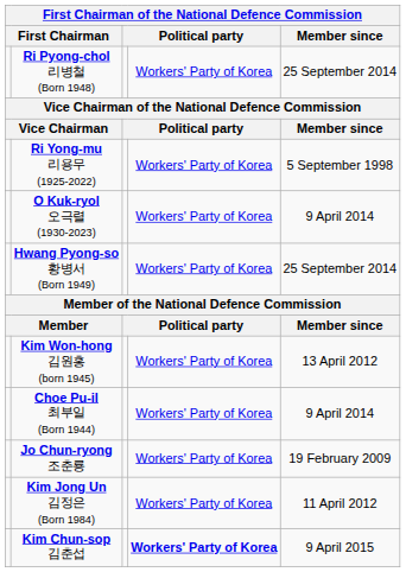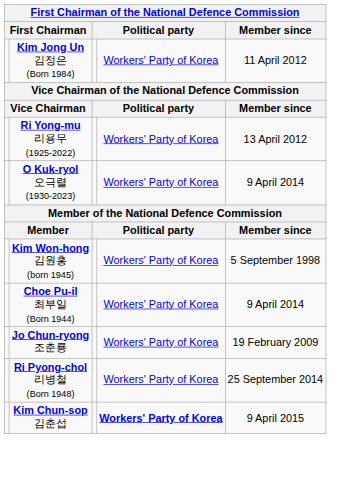 <table class="wikitable" style="text-align:center;">
 <tr>
 <th colspan="5"><a href='#'>First Chairman of the National Defence Commission</a></th>
 </tr>
 <tr>
 <th colspan="2">First Chairman</th>
 <th colspan="2">Political party</th>
 <th>Member since</th>
 </tr>
 <tr>
 <td></td>
-<td><strong><a href='#'>Ri Pyong-chol</a></strong><br>리병철<br><small>(Born 1948)</small></td>
+<td><strong><a href='#'>Kim Jong Un</a></strong><br>김정은<br><small>(Born 1984)</small></td>
 <td style="background:"></td>
 <td><a href='#'>Workers' Party of Korea</a></td>
-<td>25 September 2014</td>
+<td>11 April 2012</td>
 </tr>
 <tr>
 <th colspan="5">Vice Chairman of the National Defence Commission</th>
 </tr>
 <tr>
 <th colspan="2">Vice Chairman</th>
 <th colspan="2">Political party</th>
 <th>Member since</th>
 </tr>
 <tr>
 <td></td>
 <td><strong><a href='#'>Ri Yong-mu</a></strong><br>리용무<br><small>(1925-2022)</small></td>
 <td style="background:"></td>
 <td><a href='#'>Workers' Party of Korea</a></td>
-<td>5 September 1998</td>
+<td>13 April 2012</td>
 </tr>
 <tr>
 <td></td>
 <td><strong><a href='#'>O Kuk-ryol</a></strong><br>오극렬<br><small>(1930-2023)</small></td>
 <td style="background:"></td>
 <td><a href='#'>Workers' Party of Korea</a></td>
 <td>9 April 2014</td>
-</tr>
-<tr>
-<td></td>
-<td><strong><a href='#'>Hwang Pyong-so</a></strong><br>황병서<br><small>(Born 1949)</small></td>
-<td style="background:"></td>
-<td><a href='#'>Workers' Party of Korea</a></td>
-<td>25 September 2014</td>
 </tr>
 <tr>
 <th colspan="5">Member of the National Defence Commission</th>
 </tr>
 <tr>
 <th colspan="2">Member</th>
 <th colspan="2">Political party</th>
 <th>Member since</th>
 </tr>
 <tr>
 <td></td>
 <td><strong><a href='#'>Kim Won-hong</a></strong><br>김원홍<br><small>(born 1945)</small></td>
 <td style="background:"></td>
 <td><a href='#'>Workers' Party of Korea</a></td>
-<td>13 April 2012</td>
+<td>5 September 1998</td>
 </tr>
 <tr>
 <td></td>
 <td><strong><a href='#'>Choe Pu-il</a></strong><br>최부일<br><small>(Born 1944)</small></td>
 <td style="background:"></td>
 <td><a href='#'>Workers' Party of Korea</a></td>
 <td>9 April 2014</td>
 </tr>
 <tr>
 <td></td>
 <td><strong><a href='#'>Jo Chun-ryong</a></strong><br>조춘룡</td>
 <td style="background:"></td>
 <td><a href='#'>Workers' Party of Korea</a></td>
 <td>19 February 2009</td>
 </tr>
 <tr>
 <td></td>
-<td><strong><a href='#'>Kim Jong Un</a></strong><br>김정은<br><small>(Born 1984)</small></td>
+<td><strong><a href='#'>Ri Pyong-chol</a></strong><br>리병철<br><small>(Born 1948)</small></td>
 <td style="background:"></td>
 <td><a href='#'>Workers' Party of Korea</a></td>
-<td>11 April 2012</td>
+<td>25 September 2014</td>
 </tr>
 <tr>
 <td></td>
 <td><strong><a href='#'>Kim Chun-sop</a></strong><br>김춘섭<br></td>
 <td style="background:"></td>
 <td><strong><a href='#'>Workers' Party of Korea</a></strong></td>
 <td>9 April 2015</td>
 </tr>
 </table>
